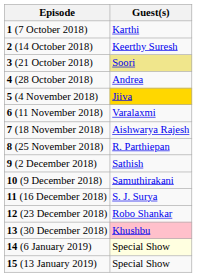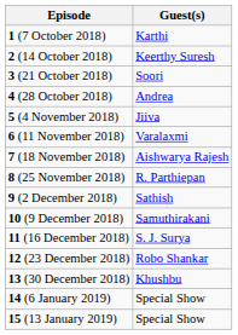 <table class="wikitable">
 <tr>
 <th>Episode</th>
 <th>Guest(s)</th>
 </tr>
 <tr>
 <td><strong>1</strong> (7 October 2018)</td>
 <td><a href='#'>Karthi</a></td>
 </tr>
 <tr>
 <td><strong>2</strong> (14 October 2018)</td>
 <td><a href='#'>Keerthy Suresh</a></td>
 </tr>
 <tr>
 <td><strong>3</strong> (21 October 2018)</td>
-<td style="background: khaki;"><a href='#'>Soori</a></td>
+<td><a href='#'>Soori</a></td>
 </tr>
 <tr>
 <td><strong>4</strong> (28 October 2018)</td>
 <td><a href='#'>Andrea</a></td>
 </tr>
 <tr>
 <td><strong>5</strong> (4 November 2018)</td>
-<td style="background: gold;"><a href='#'>Jiiva</a></td>
+<td><a href='#'>Jiiva</a></td>
 </tr>
 <tr>
 <td><strong>6</strong> (11 November 2018)</td>
 <td><a href='#'>Varalaxmi</a></td>
 </tr>
 <tr>
 <td><strong>7</strong> (18 November 2018)</td>
 <td><a href='#'>Aishwarya Rajesh</a></td>
 </tr>
 <tr>
 <td><strong>8</strong> (25 November 2018)</td>
 <td><a href='#'>R. Parthiepan</a></td>
 </tr>
 <tr>
 <td><strong>9</strong> (2 December 2018)</td>
 <td><a href='#'>Sathish</a></td>
 </tr>
 <tr>
 <td><strong>10</strong> (9 December 2018)</td>
 <td><a href='#'>Samuthirakani</a></td>
 </tr>
 <tr>
 <td><strong>11</strong> (16 December 2018)</td>
 <td><a href='#'>S. J. Surya</a></td>
 </tr>
 <tr>
 <td><strong>12</strong> (23 December 2018)</td>
 <td><a href='#'>Robo Shankar</a></td>
 </tr>
 <tr>
 <td><strong>13</strong> (30 December 2018)</td>
-<td style="background: pink;"><a href='#'>Khushbu</a></td>
+<td><a href='#'>Khushbu</a></td>
 </tr>
 <tr>
 <td><strong>14</strong> (6 January 2019)</td>
-<td style="background: lightyellow;">Special Show</td>
+<td>Special Show</td>
 </tr>
 <tr>
 <td><strong>15</strong> (13 January 2019)</td>
 <td>Special Show</td>
 </tr>
 </table>
